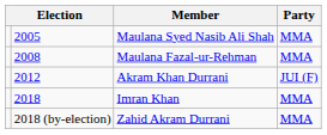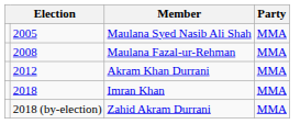 <table class="wikitable">
 <tr>
 <th colspan="2">Election</th>
 <th>Member</th>
 <th>Party</th>
 </tr>
 <tr>
 <td style="background-color: "></td>
 <td><a href='#'>2005</a></td>
 <td><a href='#'>Maulana Syed Nasib Ali Shah</a></td>
 <td><a href='#'>MMA</a></td>
 </tr>
 <tr>
 <td style="background-color: "></td>
 <td><a href='#'>2008</a></td>
 <td><a href='#'>Maulana Fazal-ur-Rehman</a></td>
 <td><a href='#'>MMA</a></td>
 </tr>
 <tr>
 <td style="background-color: "></td>
 <td><a href='#'>2012</a></td>
 <td><a href='#'>Akram Khan Durrani</a></td>
-<td><a href='#'>JUI (F)</a></td>
+<td><a href='#'>MMA</a></td>
 </tr>
 <tr>
 <td style="background-color: "></td>
 <td><a href='#'>2018</a></td>
 <td><a href='#'>Imran Khan</a></td>
 <td><a href='#'>MMA</a></td>
 </tr>
 <tr>
 <td style="background-color: "></td>
 <td>2018 (by-election)</td>
 <td><a href='#'>Zahid Akram Durrani</a></td>
 <td><a href='#'>MMA</a></td>
 </tr>
 </table>
